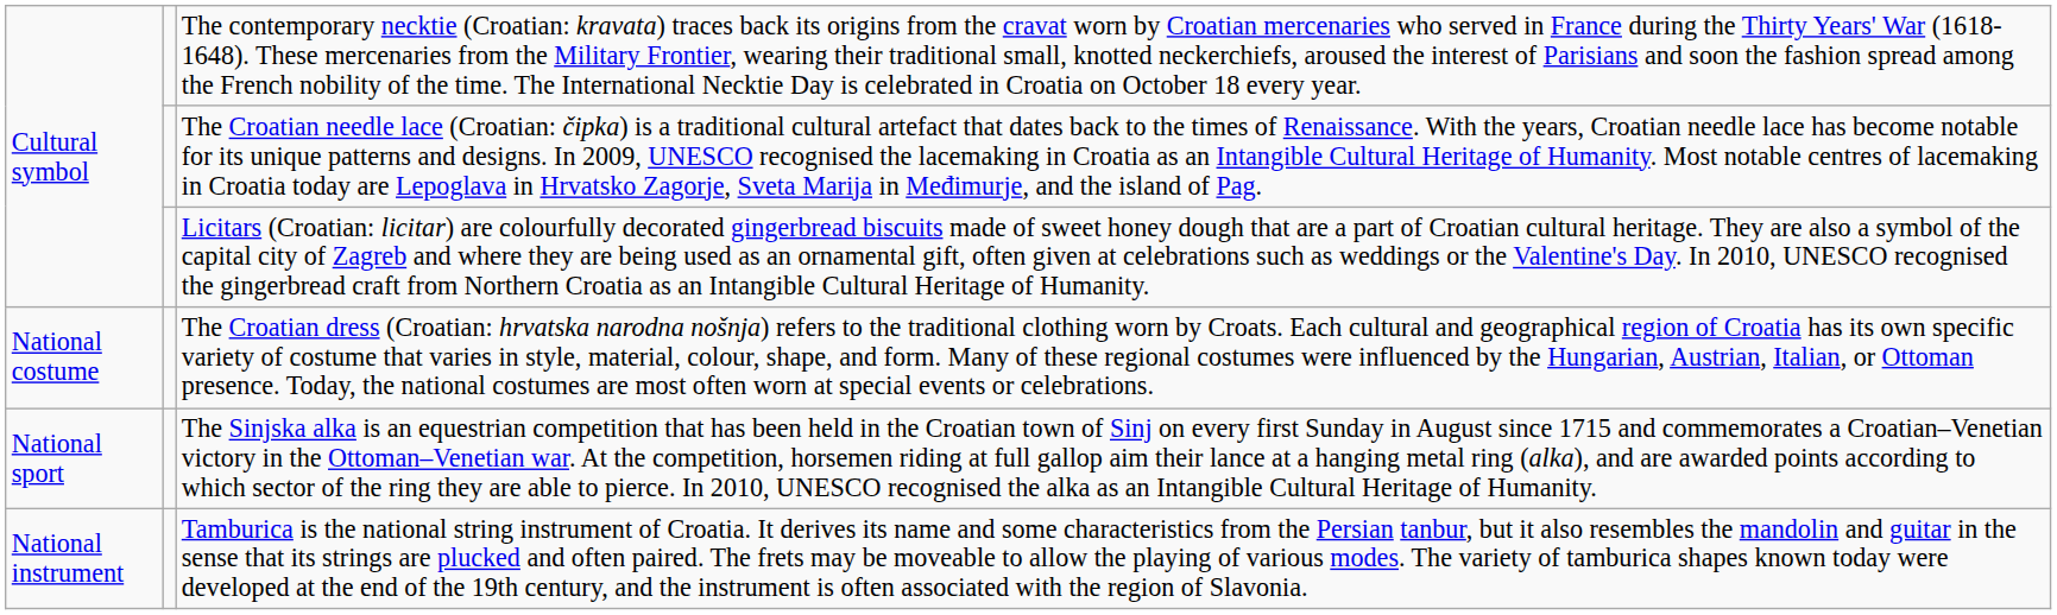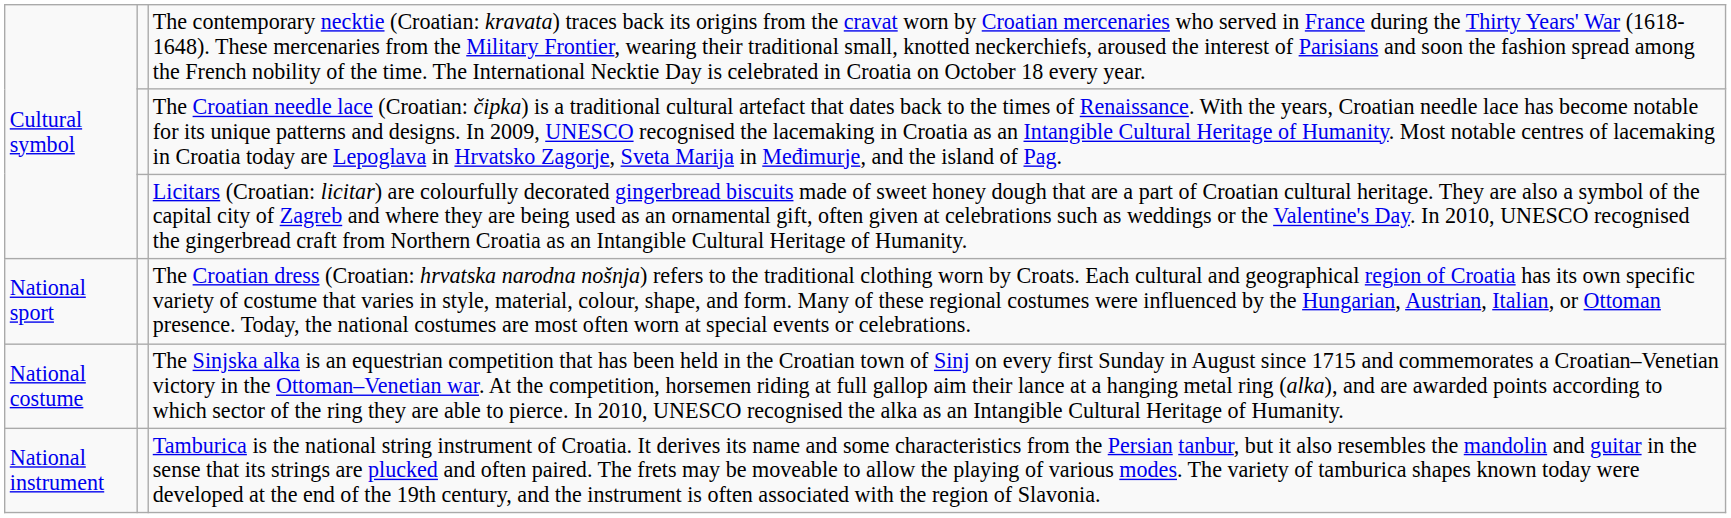 <table class="wikitable" style="text-align:left;">
 <tr>
 <td rowspan=3><a href='#'>Cultural symbol</a></td>
 <td></td>
 <td>The contemporary <a href='#'>necktie</a> (Croatian: <em>kravata</em>) traces back its origins from the <a href='#'>cravat</a> worn by <a href='#'>Croatian mercenaries</a> who served in <a href='#'>France</a> during the <a href='#'>Thirty Years' War</a> (1618-1648). These mercenaries from the <a href='#'>Military Frontier</a>, wearing their traditional small, knotted neckerchiefs, aroused the interest of <a href='#'>Parisians</a> and soon the fashion spread among the French nobility of the time. The International Necktie Day is celebrated in Croatia on October 18 every year.</td>
 </tr>
 <tr>
 <td></td>
 <td>The <a href='#'>Croatian needle lace</a> (Croatian: <em>čipka</em>) is a traditional cultural artefact that dates back to the times of <a href='#'>Renaissance</a>. With the years, Croatian needle lace has become notable for its unique patterns and designs. In 2009, <a href='#'>UNESCO</a> recognised the lacemaking in Croatia as an <a href='#'>Intangible Cultural Heritage of Humanity</a>. Most notable centres of lacemaking in Croatia today are <a href='#'>Lepoglava</a> in <a href='#'>Hrvatsko Zagorje</a>, <a href='#'>Sveta Marija</a> in <a href='#'>Međimurje</a>, and the island of <a href='#'>Pag</a>.</td>
 </tr>
 <tr>
 <td></td>
 <td><a href='#'>Licitars</a> (Croatian: <em>licitar</em>) are colourfully decorated <a href='#'>gingerbread biscuits</a> made of sweet honey dough that are a part of Croatian cultural heritage. They are also a symbol of the capital city of <a href='#'>Zagreb</a> and where they are being used as an ornamental gift, often given at celebrations such as weddings or the <a href='#'>Valentine's Day</a>. In 2010, UNESCO recognised the gingerbread craft from Northern Croatia as an Intangible Cultural Heritage of Humanity.</td>
 </tr>
 <tr>
-<td><a href='#'>National costume</a></td>
+<td><a href='#'>National sport</a></td>
 <td></td>
 <td>The <a href='#'>Croatian dress</a> (Croatian: <em>hrvatska narodna nošnja</em>) refers to the traditional clothing worn by Croats. Each cultural and geographical <a href='#'>region of Croatia</a> has its own specific variety of costume that varies in style, material, colour, shape, and form. Many of these regional costumes were influenced by the <a href='#'>Hungarian</a>, <a href='#'>Austrian</a>, <a href='#'>Italian</a>, or <a href='#'>Ottoman</a> presence. Today, the national costumes are most often worn at special events or celebrations.</td>
 </tr>
 <tr>
-<td><a href='#'>National sport</a></td>
+<td><a href='#'>National costume</a></td>
 <td></td>
 <td>The <a href='#'>Sinjska alka</a> is an equestrian competition that has been held in the Croatian town of <a href='#'>Sinj</a> on every first Sunday in August since 1715 and commemorates a Croatian–Venetian victory in the <a href='#'>Ottoman–Venetian war</a>. At the competition, horsemen riding at full gallop aim their lance at a hanging metal ring (<em>alka</em>), and are awarded points according to which sector of the ring they are able to pierce. In 2010, UNESCO recognised the alka as an Intangible Cultural Heritage of Humanity.</td>
 </tr>
 <tr>
 <td><a href='#'>National instrument</a></td>
 <td></td>
 <td><a href='#'>Tamburica</a> is the national string instrument of Croatia. It derives its name and some characteristics from the <a href='#'>Persian</a> <a href='#'>tanbur</a>, but it also resembles the <a href='#'>mandolin</a> and <a href='#'>guitar</a> in the sense that its strings are <a href='#'>plucked</a> and often paired. The frets may be moveable to allow the playing of various <a href='#'>modes</a>. The variety of tamburica shapes known today were developed at the end of the 19th century, and the instrument is often associated with the region of Slavonia.</td>
 </tr>
 </table>
